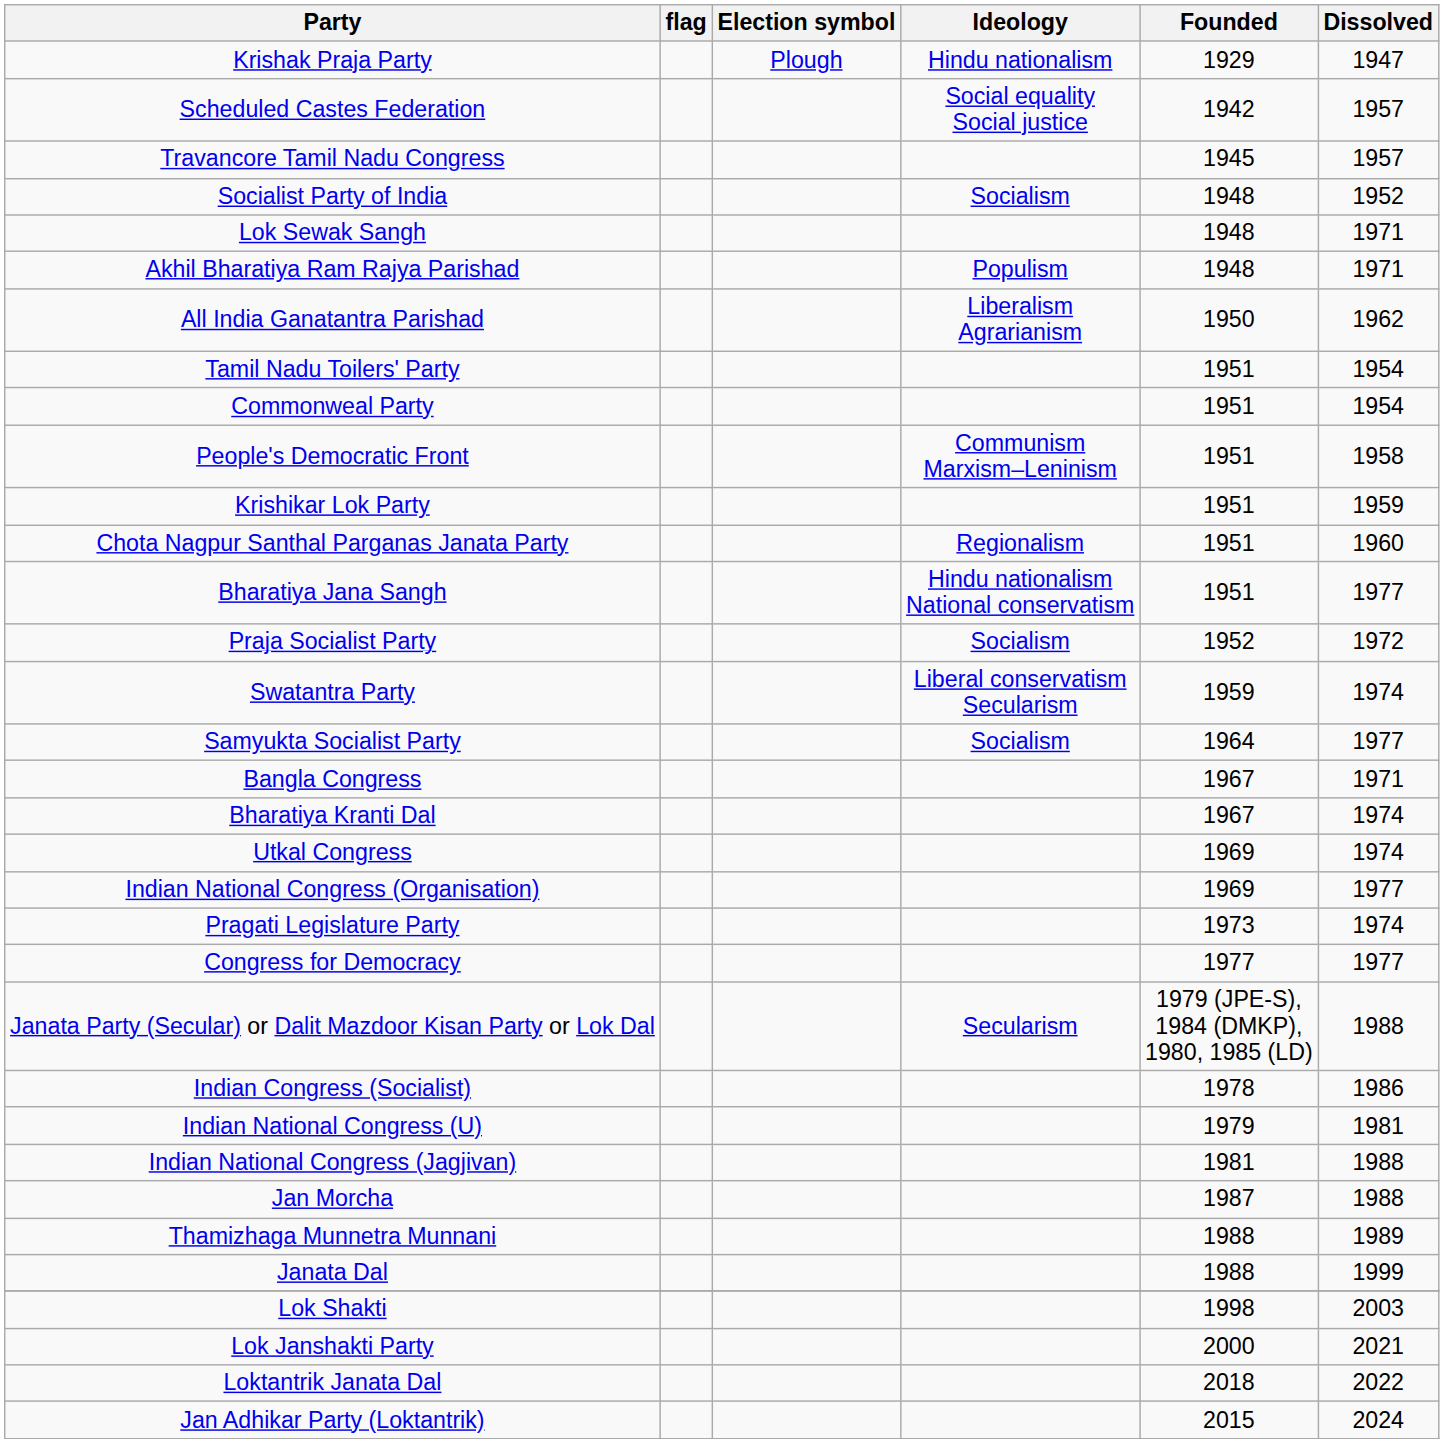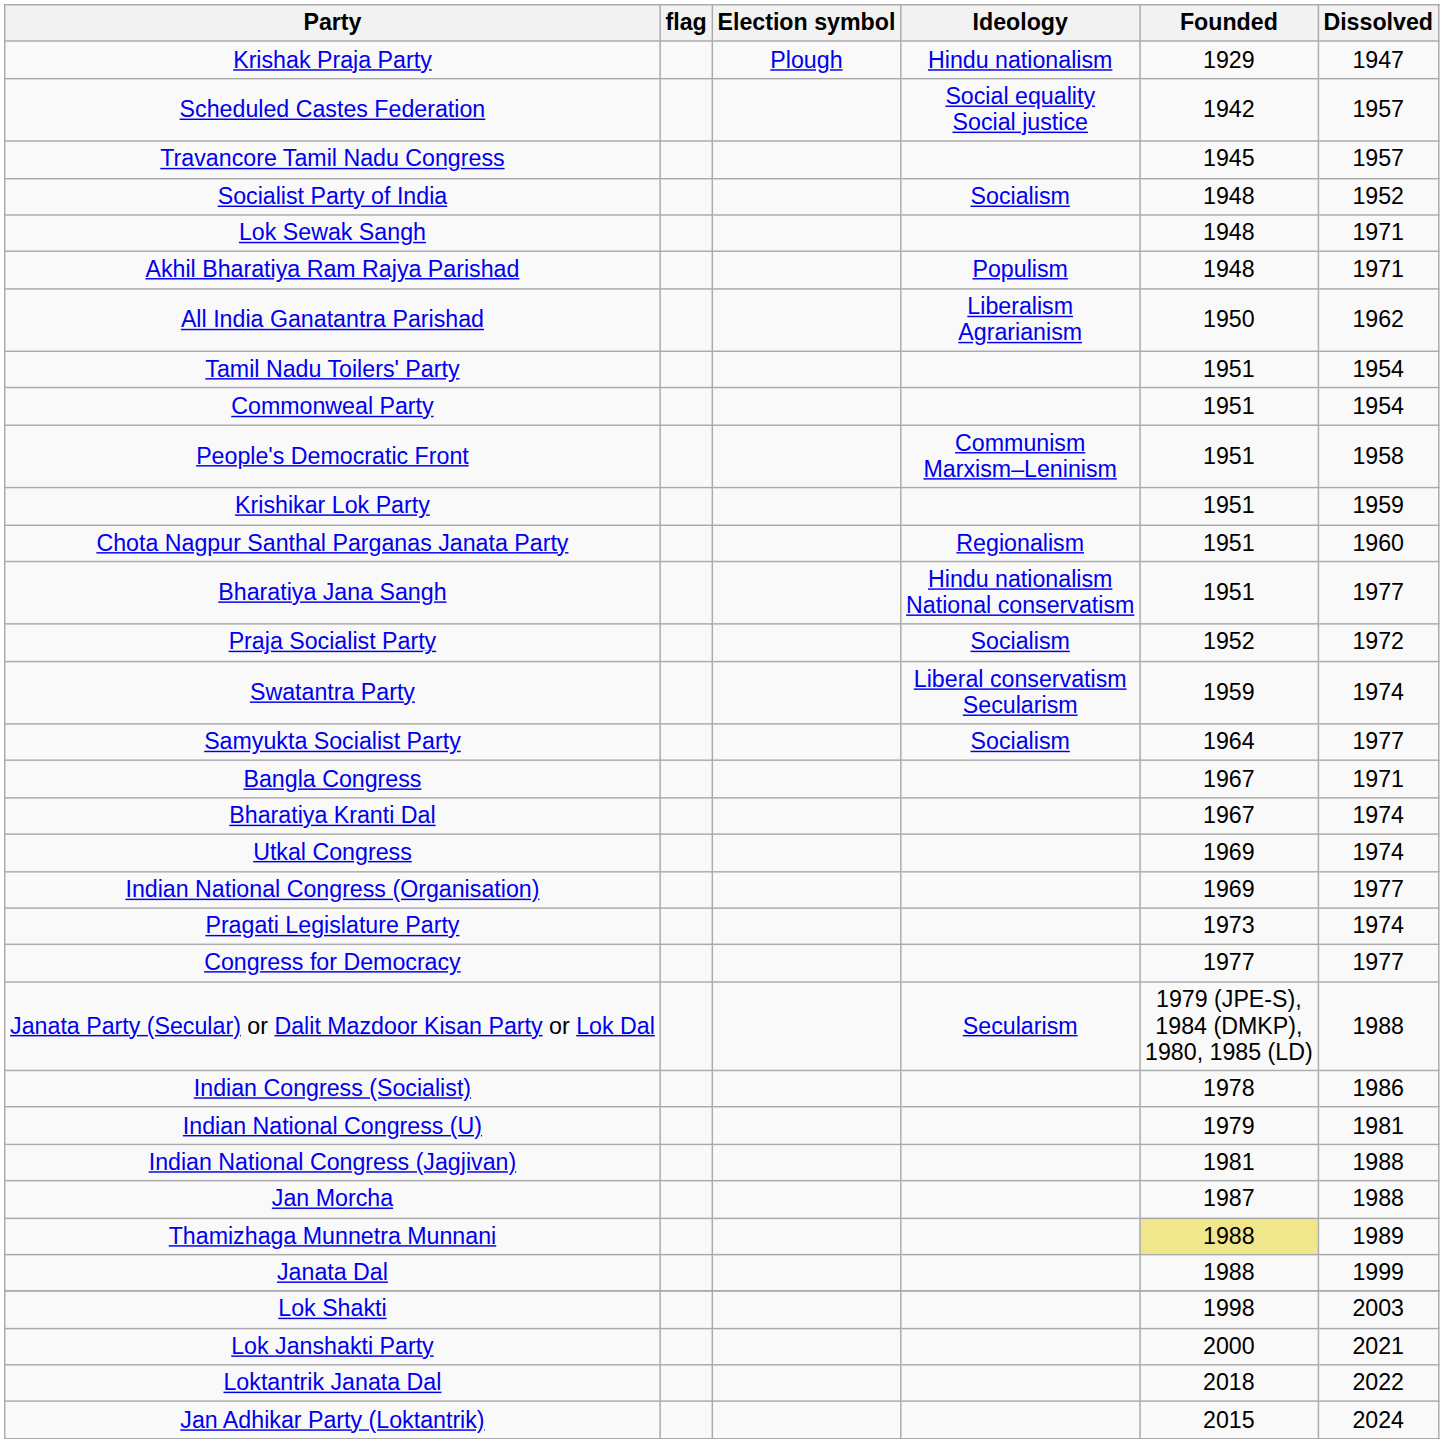 <table class="wikitable sortable"style="text-align:center;">
 <tr>
 <th>Party</th>
 <th>flag</th>
 <th>Election symbol</th>
 <th>Ideology</th>
 <th>Founded</th>
 <th>Dissolved</th>
 </tr>
 <tr>
 <td><a href='#'>Krishak Praja Party</a></td>
 <td></td>
 <td><a href='#'>Plough</a></td>
 <td><a href='#'>Hindu nationalism</a></td>
 <td>1929</td>
 <td>1947</td>
 </tr>
 <tr>
 <td><a href='#'>Scheduled Castes Federation</a></td>
 <td></td>
 <td></td>
 <td><a href='#'>Social equality</a><br><a href='#'>Social justice</a></td>
 <td>1942</td>
 <td>1957</td>
 </tr>
 <tr>
 <td><a href='#'>Travancore Tamil Nadu Congress</a></td>
 <td></td>
 <td></td>
 <td></td>
 <td>1945</td>
 <td>1957</td>
 </tr>
 <tr>
 <td><a href='#'> Socialist Party of India</a></td>
 <td></td>
 <td></td>
 <td><a href='#'>Socialism</a></td>
 <td>1948</td>
 <td>1952</td>
 </tr>
 <tr>
 <td><a href='#'>Lok Sewak Sangh</a></td>
 <td></td>
 <td></td>
 <td></td>
 <td>1948</td>
 <td>1971</td>
 </tr>
 <tr>
 <td><a href='#'>Akhil Bharatiya Ram Rajya Parishad</a></td>
 <td></td>
 <td></td>
 <td><a href='#'>Populism</a></td>
 <td>1948</td>
 <td>1971</td>
 </tr>
 <tr>
 <td><a href='#'>All India Ganatantra Parishad</a></td>
 <td></td>
 <td></td>
 <td><a href='#'>Liberalism</a><br><a href='#'>Agrarianism</a></td>
 <td>1950</td>
 <td>1962</td>
 </tr>
 <tr>
 <td><a href='#'>Tamil Nadu Toilers' Party</a></td>
 <td></td>
 <td></td>
 <td></td>
 <td>1951</td>
 <td>1954</td>
 </tr>
 <tr>
 <td><a href='#'>Commonweal Party</a></td>
 <td></td>
 <td></td>
 <td></td>
 <td>1951</td>
 <td>1954</td>
 </tr>
 <tr>
 <td><a href='#'>People's Democratic Front</a></td>
 <td></td>
 <td></td>
 <td><a href='#'>Communism</a><br><a href='#'>Marxism–Leninism</a></td>
 <td>1951</td>
 <td>1958</td>
 </tr>
 <tr>
 <td><a href='#'>Krishikar Lok Party</a></td>
 <td></td>
 <td></td>
 <td></td>
 <td>1951</td>
 <td>1959</td>
 </tr>
 <tr>
 <td><a href='#'>Chota Nagpur Santhal Parganas Janata Party</a></td>
 <td></td>
 <td></td>
 <td><a href='#'>Regionalism</a></td>
 <td>1951</td>
 <td>1960</td>
 </tr>
 <tr>
 <td><a href='#'>Bharatiya Jana Sangh</a></td>
 <td></td>
 <td></td>
 <td><a href='#'>Hindu nationalism</a><br><a href='#'>National conservatism</a></td>
 <td>1951</td>
 <td>1977</td>
 </tr>
 <tr>
 <td><a href='#'>Praja Socialist Party</a></td>
 <td></td>
 <td></td>
 <td><a href='#'>Socialism</a></td>
 <td>1952</td>
 <td>1972</td>
 </tr>
 <tr>
 <td><a href='#'>Swatantra Party</a></td>
 <td></td>
 <td></td>
 <td><a href='#'>Liberal conservatism</a><br><a href='#'>Secularism</a></td>
 <td>1959</td>
 <td>1974</td>
 </tr>
 <tr>
 <td><a href='#'>Samyukta Socialist Party</a></td>
 <td></td>
 <td></td>
 <td><a href='#'>Socialism</a></td>
 <td>1964</td>
 <td>1977</td>
 </tr>
 <tr>
 <td><a href='#'>Bangla Congress</a></td>
 <td></td>
 <td></td>
 <td></td>
 <td>1967</td>
 <td>1971</td>
 </tr>
 <tr>
 <td><a href='#'>Bharatiya Kranti Dal</a></td>
 <td></td>
 <td></td>
 <td></td>
 <td>1967</td>
 <td>1974</td>
 </tr>
 <tr>
 <td><a href='#'>Utkal Congress</a></td>
 <td></td>
 <td></td>
 <td></td>
 <td>1969</td>
 <td>1974</td>
 </tr>
 <tr>
 <td><a href='#'>Indian National Congress (Organisation)</a></td>
 <td></td>
 <td></td>
 <td></td>
 <td>1969</td>
 <td>1977</td>
 </tr>
 <tr>
 <td><a href='#'>Pragati Legislature Party</a></td>
 <td></td>
 <td></td>
 <td></td>
 <td>1973</td>
 <td>1974</td>
 </tr>
 <tr>
 <td><a href='#'>Congress for Democracy</a></td>
 <td></td>
 <td></td>
 <td></td>
 <td>1977</td>
 <td>1977</td>
 </tr>
 <tr>
 <td><a href='#'>Janata Party (Secular)</a> or <a href='#'>Dalit Mazdoor Kisan Party</a> or <a href='#'>Lok Dal</a></td>
 <td></td>
 <td></td>
 <td><a href='#'>Secularism</a></td>
 <td>1979 (JPE-S),<br>1984 (DMKP),<br> 1980, 1985 (LD)</td>
 <td>1988</td>
 </tr>
 <tr>
 <td><a href='#'>Indian Congress (Socialist)</a></td>
 <td></td>
 <td></td>
 <td></td>
 <td>1978</td>
 <td>1986</td>
 </tr>
 <tr>
 <td><a href='#'>Indian National Congress (U)</a></td>
 <td></td>
 <td></td>
 <td></td>
 <td>1979</td>
 <td>1981</td>
 </tr>
 <tr>
 <td><a href='#'>Indian National Congress (Jagjivan)</a></td>
 <td></td>
 <td></td>
 <td></td>
 <td>1981</td>
 <td>1988</td>
 </tr>
 <tr>
 <td><a href='#'>Jan Morcha</a></td>
 <td></td>
 <td></td>
 <td></td>
 <td>1987</td>
 <td>1988</td>
 </tr>
 <tr>
 <td><a href='#'>Thamizhaga Munnetra Munnani</a></td>
 <td></td>
 <td></td>
 <td></td>
-<td>1988</td>
+<td style="background: khaki;">1988</td>
 <td>1989</td>
 </tr>
 <tr>
 <td><a href='#'>Janata Dal</a></td>
 <td></td>
 <td></td>
 <td></td>
 <td>1988</td>
 <td>1999</td>
 </tr>
 <tr>
 </tr>
 <tr>
 <td><a href='#'>Lok Shakti</a></td>
 <td></td>
 <td></td>
 <td></td>
 <td>1998</td>
 <td>2003</td>
 </tr>
 <tr>
 <td><a href='#'>Lok Janshakti Party</a></td>
 <td></td>
 <td></td>
 <td></td>
 <td>2000</td>
 <td>2021</td>
 </tr>
 <tr>
 <td><a href='#'>Loktantrik Janata Dal</a></td>
 <td></td>
 <td></td>
 <td></td>
 <td>2018</td>
 <td>2022</td>
 </tr>
 <tr>
 <td><a href='#'>Jan Adhikar Party (Loktantrik)</a></td>
 <td></td>
 <td></td>
 <td></td>
 <td>2015</td>
 <td>2024</td>
 </tr>
 <tr>
 </tr>
 </table>
